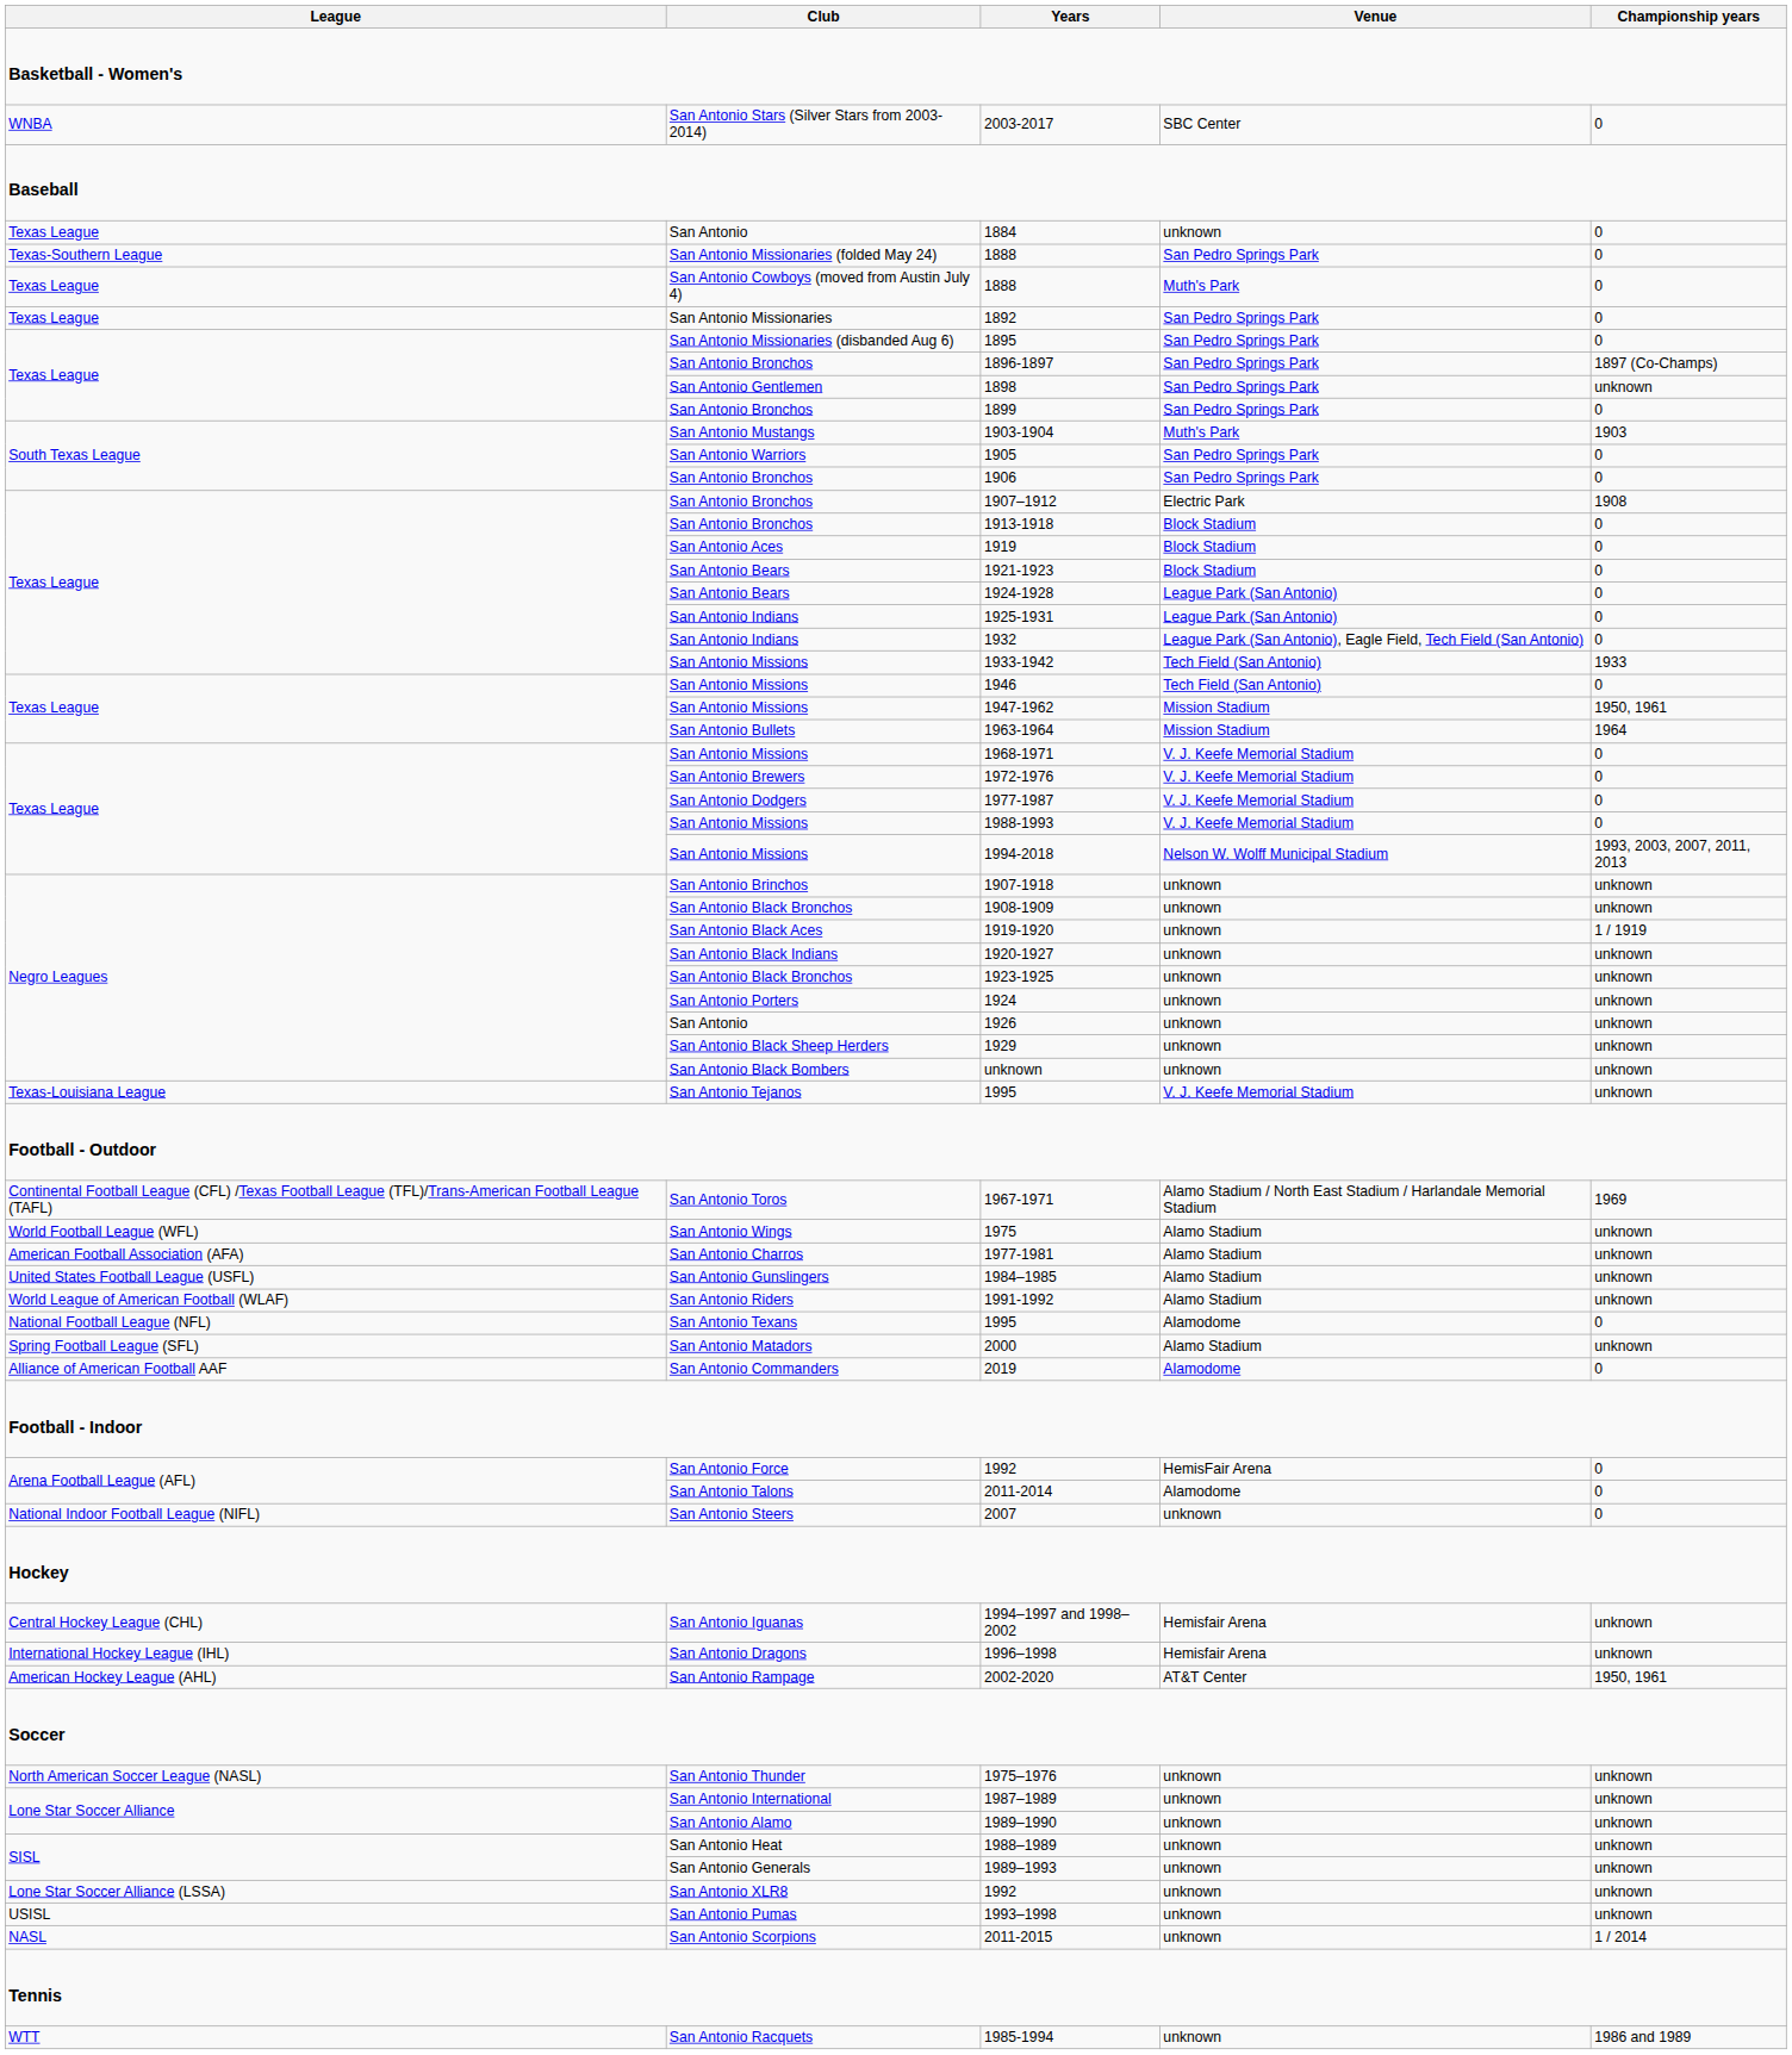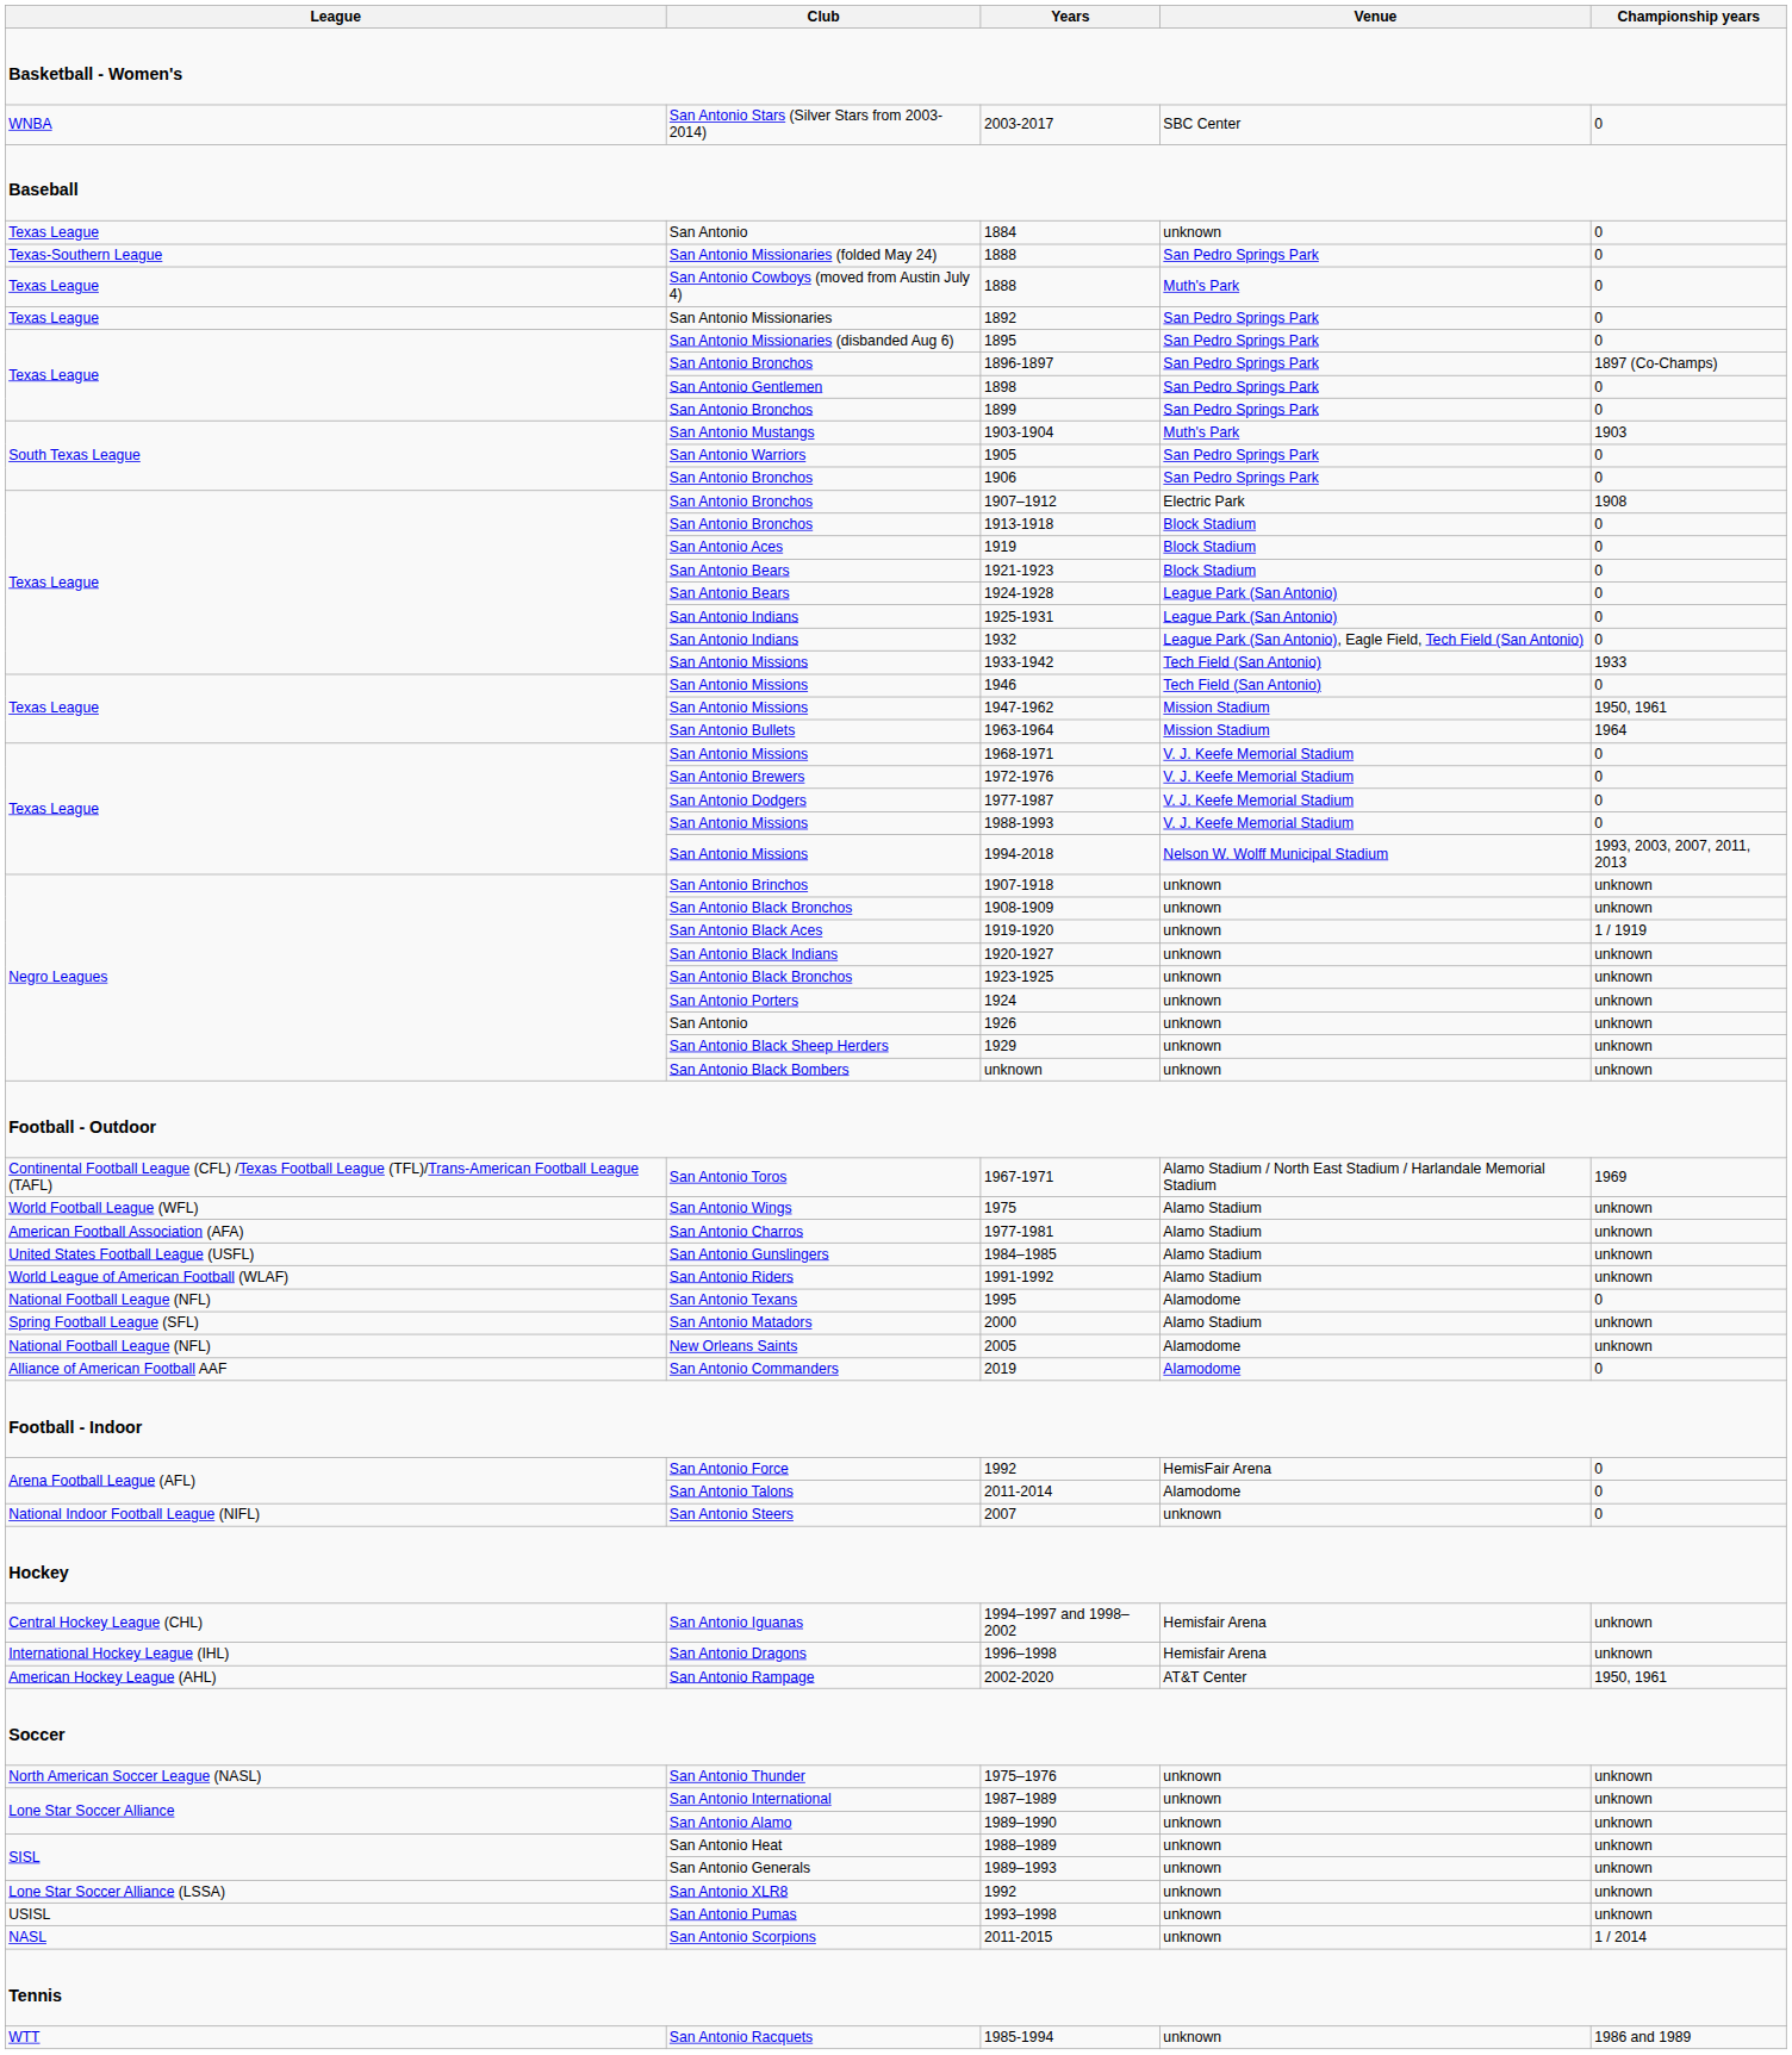 <table class="wikitable">
 <tr>
 <th>League</th>
 <th>Club</th>
 <th>Years</th>
 <th>Venue</th>
 <th>Championship years</th>
 </tr>
 <tr>
 <td colspan=5><br><h3>Basketball - Women's</h3></td>
 </tr>
 <tr>
 <td><a href='#'>WNBA</a></td>
 <td><a href='#'>San Antonio Stars</a> (Silver Stars from 2003-2014)</td>
 <td>2003-2017</td>
 <td>SBC Center</td>
 <td>0</td>
 </tr>
 <tr>
 <td colspan=5><br><h3>Baseball</h3></td>
 </tr>
 <tr>
 <td><a href='#'>Texas League</a></td>
 <td>San Antonio</td>
 <td>1884</td>
 <td>unknown</td>
 <td>0</td>
 </tr>
 <tr>
 <td><a href='#'>Texas-Southern League</a></td>
 <td><a href='#'>San Antonio Missionaries</a> (folded May 24)</td>
 <td>1888</td>
 <td><a href='#'>San Pedro Springs Park</a></td>
 <td>0</td>
 </tr>
 <tr>
 <td><a href='#'>Texas League</a></td>
 <td><a href='#'>San Antonio Cowboys</a> (moved from Austin July 4)</td>
 <td>1888</td>
 <td><a href='#'>Muth's Park</a></td>
 <td>0</td>
 </tr>
 <tr>
 <td><a href='#'>Texas League</a></td>
 <td>San Antonio Missionaries</td>
 <td>1892</td>
 <td><a href='#'>San Pedro Springs Park</a></td>
 <td>0</td>
 </tr>
 <tr>
 <td rowspan=4><a href='#'>Texas League</a></td>
 <td><a href='#'>San Antonio Missionaries</a> (disbanded Aug 6)</td>
 <td>1895</td>
 <td><a href='#'>San Pedro Springs Park</a></td>
 <td>0</td>
 </tr>
 <tr>
 <td><a href='#'>San Antonio Bronchos</a></td>
 <td>1896-1897</td>
 <td><a href='#'>San Pedro Springs Park</a></td>
 <td>1897 (Co-Champs)</td>
 </tr>
 <tr>
 <td><a href='#'>San Antonio Gentlemen</a></td>
 <td>1898</td>
 <td><a href='#'>San Pedro Springs Park</a></td>
-<td>unknown</td>
+<td>0</td>
 </tr>
 <tr>
 <td><a href='#'>San Antonio Bronchos</a></td>
 <td>1899</td>
 <td><a href='#'>San Pedro Springs Park</a></td>
 <td>0</td>
 </tr>
 <tr>
 <td rowspan=3><a href='#'>South Texas League</a></td>
 <td><a href='#'>San Antonio Mustangs</a></td>
 <td>1903-1904</td>
 <td><a href='#'>Muth's Park</a></td>
 <td>1903</td>
 </tr>
 <tr>
 <td><a href='#'>San Antonio Warriors</a></td>
 <td>1905</td>
 <td><a href='#'>San Pedro Springs Park</a></td>
 <td>0</td>
 </tr>
 <tr>
 <td><a href='#'>San Antonio Bronchos</a></td>
 <td>1906</td>
 <td><a href='#'>San Pedro Springs Park</a></td>
 <td>0</td>
 </tr>
 <tr>
 <td rowspan=8><a href='#'>Texas League</a></td>
 <td><a href='#'>San Antonio Bronchos</a></td>
 <td>1907–1912</td>
 <td>Electric Park</td>
 <td>1908</td>
 </tr>
 <tr>
 <td><a href='#'>San Antonio Bronchos</a></td>
 <td>1913-1918</td>
 <td><a href='#'>Block Stadium</a></td>
 <td>0</td>
 </tr>
 <tr>
 <td><a href='#'>San Antonio Aces</a></td>
 <td>1919</td>
 <td><a href='#'>Block Stadium</a></td>
 <td>0</td>
 </tr>
 <tr>
 <td><a href='#'>San Antonio Bears</a></td>
 <td>1921-1923</td>
 <td><a href='#'>Block Stadium</a></td>
 <td>0</td>
 </tr>
 <tr>
 <td><a href='#'>San Antonio Bears</a></td>
 <td>1924-1928</td>
 <td><a href='#'>League Park (San Antonio)</a></td>
 <td>0</td>
 </tr>
 <tr>
 <td><a href='#'>San Antonio Indians</a></td>
 <td>1925-1931</td>
 <td><a href='#'>League Park (San Antonio)</a></td>
 <td>0</td>
 </tr>
 <tr>
 <td><a href='#'>San Antonio Indians</a></td>
 <td>1932</td>
 <td><a href='#'>League Park (San Antonio)</a>, Eagle Field, <a href='#'>Tech Field (San Antonio)</a></td>
 <td>0</td>
 </tr>
 <tr>
 <td><a href='#'>San Antonio Missions</a></td>
 <td>1933-1942</td>
 <td><a href='#'>Tech Field (San Antonio)</a></td>
 <td>1933</td>
 </tr>
 <tr>
 <td rowspan=3><a href='#'>Texas League</a></td>
 <td><a href='#'>San Antonio Missions</a></td>
 <td>1946</td>
 <td><a href='#'>Tech Field (San Antonio)</a></td>
 <td>0</td>
 </tr>
 <tr>
 <td><a href='#'>San Antonio Missions</a></td>
 <td>1947-1962</td>
 <td><a href='#'>Mission Stadium</a></td>
 <td>1950, 1961</td>
 </tr>
 <tr>
 <td><a href='#'>San Antonio Bullets</a></td>
 <td>1963-1964</td>
 <td><a href='#'>Mission Stadium</a></td>
 <td>1964</td>
 </tr>
 <tr>
 <td rowspan=5><a href='#'>Texas League</a></td>
 <td><a href='#'>San Antonio Missions</a></td>
 <td>1968-1971</td>
 <td><a href='#'>V. J. Keefe Memorial Stadium</a></td>
 <td>0</td>
 </tr>
 <tr>
 <td><a href='#'>San Antonio Brewers</a></td>
 <td>1972-1976</td>
 <td><a href='#'>V. J. Keefe Memorial Stadium</a></td>
 <td>0</td>
 </tr>
 <tr>
 <td><a href='#'>San Antonio Dodgers</a></td>
 <td>1977-1987</td>
 <td><a href='#'>V. J. Keefe Memorial Stadium</a></td>
 <td>0</td>
 </tr>
 <tr>
 <td><a href='#'>San Antonio Missions</a></td>
 <td>1988-1993</td>
 <td><a href='#'>V. J. Keefe Memorial Stadium</a></td>
 <td>0</td>
 </tr>
 <tr>
 <td><a href='#'>San Antonio Missions</a></td>
 <td>1994-2018</td>
 <td><a href='#'>Nelson W. Wolff Municipal Stadium</a></td>
 <td>1993, 2003, 2007, 2011, 2013</td>
 </tr>
 <tr>
 <td rowspan=9><a href='#'>Negro Leagues</a></td>
 <td><a href='#'>San Antonio Brinchos</a></td>
 <td>1907-1918</td>
 <td>unknown</td>
 <td>unknown</td>
 </tr>
 <tr>
 <td><a href='#'>San Antonio Black Bronchos</a></td>
 <td>1908-1909</td>
 <td>unknown</td>
 <td>unknown</td>
 </tr>
 <tr>
 <td><a href='#'>San Antonio Black Aces</a></td>
 <td>1919-1920</td>
 <td>unknown</td>
 <td>1 / 1919</td>
 </tr>
 <tr>
 <td><a href='#'>San Antonio Black Indians</a></td>
 <td>1920-1927</td>
 <td>unknown</td>
 <td>unknown</td>
 </tr>
 <tr>
 <td><a href='#'>San Antonio Black Bronchos</a></td>
 <td>1923-1925</td>
 <td>unknown</td>
 <td>unknown</td>
 </tr>
 <tr>
 <td><a href='#'>San Antonio Porters</a></td>
 <td>1924</td>
 <td>unknown</td>
 <td>unknown</td>
 </tr>
 <tr>
 <td>San Antonio</td>
 <td>1926</td>
 <td>unknown</td>
 <td>unknown</td>
 </tr>
 <tr>
 <td><a href='#'>San Antonio Black Sheep Herders</a></td>
 <td>1929</td>
 <td>unknown</td>
 <td>unknown</td>
 </tr>
 <tr>
 <td><a href='#'>San Antonio Black Bombers</a></td>
 <td>unknown</td>
 <td>unknown</td>
 <td>unknown</td>
 </tr>
 <tr>
-<td><a href='#'>Texas-Louisiana League</a></td>
-<td><a href='#'>San Antonio Tejanos</a></td>
-<td>1995</td>
-<td><a href='#'>V. J. Keefe Memorial Stadium</a></td>
-<td>unknown</td>
-</tr>
-<tr>
 <td colspan=5><br><h3>Football - Outdoor</h3></td>
 </tr>
 <tr>
 <td><a href='#'>Continental Football League</a> (CFL) /<a href='#'>Texas Football League</a> (TFL)/<a href='#'>Trans-American Football League</a> (TAFL)</td>
 <td><a href='#'>San Antonio Toros</a></td>
 <td>1967-1971</td>
 <td>Alamo Stadium / North East Stadium / Harlandale Memorial Stadium</td>
 <td>1969</td>
 </tr>
 <tr>
 <td><a href='#'>World Football League</a> (WFL)</td>
 <td><a href='#'>San Antonio Wings</a></td>
 <td>1975</td>
 <td>Alamo Stadium</td>
 <td>unknown</td>
 </tr>
 <tr>
 <td><a href='#'>American Football Association</a> (AFA)</td>
 <td><a href='#'>San Antonio Charros</a></td>
 <td>1977-1981</td>
 <td>Alamo Stadium</td>
 <td>unknown</td>
 </tr>
 <tr>
 <td><a href='#'>United States Football League</a> (USFL)</td>
 <td><a href='#'>San Antonio Gunslingers</a></td>
 <td>1984–1985</td>
 <td>Alamo Stadium</td>
 <td>unknown</td>
 </tr>
 <tr>
 <td><a href='#'>World League of American Football</a> (WLAF)</td>
 <td><a href='#'>San Antonio Riders</a></td>
 <td>1991-1992</td>
 <td>Alamo Stadium</td>
 <td>unknown</td>
 </tr>
 <tr>
 <td><a href='#'>National Football League</a> (NFL)</td>
 <td><a href='#'>San Antonio Texans</a></td>
 <td>1995</td>
 <td>Alamodome</td>
 <td>0</td>
 </tr>
 <tr>
 <td><a href='#'>Spring Football League</a> (SFL)</td>
 <td><a href='#'>San Antonio Matadors</a></td>
 <td>2000</td>
 <td>Alamo Stadium</td>
+<td>unknown</td>
+</tr>
+<tr>
+<td><a href='#'>National Football League</a> (NFL)</td>
+<td><a href='#'>New Orleans Saints</a></td>
+<td>2005</td>
+<td>Alamodome</td>
 <td>unknown</td>
 </tr>
 <tr>
 <td><a href='#'>Alliance of American Football</a> AAF</td>
 <td><a href='#'>San Antonio Commanders</a></td>
 <td>2019</td>
 <td><a href='#'>Alamodome</a></td>
 <td>0</td>
 </tr>
 <tr>
 <td colspan=5><br><h3>Football - Indoor</h3></td>
 </tr>
 <tr>
 <td rowspan=2><a href='#'>Arena Football League</a> (AFL)</td>
 <td><a href='#'>San Antonio Force</a></td>
 <td>1992</td>
 <td>HemisFair Arena</td>
 <td>0</td>
 </tr>
 <tr>
 <td><a href='#'>San Antonio Talons</a></td>
 <td>2011-2014</td>
 <td>Alamodome</td>
 <td>0</td>
 </tr>
 <tr>
 <td><a href='#'>National Indoor Football League</a> (NIFL)</td>
 <td><a href='#'>San Antonio Steers</a></td>
 <td>2007</td>
 <td>unknown</td>
 <td>0</td>
 </tr>
 <tr>
 <td colspan=5><br><h3>Hockey</h3></td>
 </tr>
 <tr>
 <td><a href='#'>Central Hockey League</a> (CHL)</td>
 <td><a href='#'>San Antonio Iguanas</a></td>
 <td>1994–1997 and 1998–2002</td>
 <td>Hemisfair Arena</td>
 <td>unknown</td>
 </tr>
 <tr>
 <td><a href='#'>International Hockey League</a> (IHL)</td>
 <td><a href='#'>San Antonio Dragons</a></td>
 <td>1996–1998</td>
 <td>Hemisfair Arena</td>
 <td>unknown</td>
 </tr>
 <tr>
 <td><a href='#'>American Hockey League</a> (AHL)</td>
 <td><a href='#'>San Antonio Rampage</a></td>
 <td>2002-2020</td>
 <td>AT&T Center</td>
 <td>1950, 1961</td>
 </tr>
 <tr>
 <td colspan=5><br><h3>Soccer</h3></td>
 </tr>
 <tr>
 <td><a href='#'>North American Soccer League</a> (NASL)</td>
 <td><a href='#'>San Antonio Thunder</a></td>
 <td>1975–1976</td>
 <td>unknown</td>
 <td>unknown</td>
 </tr>
 <tr>
 <td rowspan=2><a href='#'>Lone Star Soccer Alliance</a></td>
 <td><a href='#'>San Antonio International</a></td>
 <td>1987–1989</td>
 <td>unknown</td>
 <td>unknown</td>
 </tr>
 <tr>
 <td><a href='#'>San Antonio Alamo</a></td>
 <td>1989–1990</td>
 <td>unknown</td>
 <td>unknown</td>
 </tr>
 <tr>
 <td rowspan=2><a href='#'>SISL</a></td>
 <td>San Antonio Heat</td>
 <td>1988–1989</td>
 <td>unknown</td>
 <td>unknown</td>
 </tr>
 <tr>
 <td>San Antonio Generals</td>
 <td>1989–1993</td>
 <td>unknown</td>
 <td>unknown</td>
 </tr>
 <tr>
 <td><a href='#'>Lone Star Soccer Alliance</a> (LSSA)</td>
 <td><a href='#'>San Antonio XLR8</a></td>
 <td>1992</td>
 <td>unknown</td>
 <td>unknown</td>
 </tr>
 <tr>
 <td>USISL</td>
 <td><a href='#'>San Antonio Pumas</a></td>
 <td>1993–1998</td>
 <td>unknown</td>
 <td>unknown</td>
 </tr>
 <tr>
 <td><a href='#'>NASL</a></td>
 <td><a href='#'>San Antonio Scorpions</a></td>
 <td>2011-2015</td>
 <td>unknown</td>
 <td>1 / 2014</td>
 </tr>
 <tr>
 <td colspan=5><br><h3>Tennis</h3></td>
 </tr>
 <tr>
 <td><a href='#'>WTT</a></td>
 <td><a href='#'>San Antonio Racquets</a></td>
 <td>1985-1994</td>
 <td>unknown</td>
 <td>1986 and 1989</td>
 </tr>
 </table>
